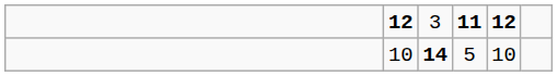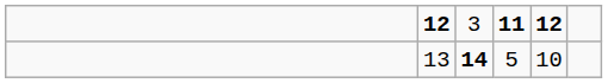 <table class="wikitable">
 <tr>
 <td style="width:18em"></td>
 <td align=center style="width:1em"><strong>12</strong></td>
 <td align=center style="width:1em">3</td>
 <td align=center style="width:1em"><strong>11</strong></td>
 <td align=center style="width:1em"><strong>12</strong></td>
 <td align=center style="width:1em"></td>
 </tr>
 <tr>
 <td style="width:18em"><strong></strong></td>
-<td align=center style="width:1em">10</td>
+<td align=center style="width:1em">13</td>
 <td align=center style="width:1em"><strong>14</strong></td>
 <td align=center style="width:1em">5</td>
 <td align=center style="width:1em">10</td>
 <td align=center style="width:1em"></td>
 </tr>
 </table>
